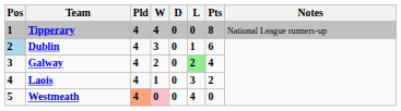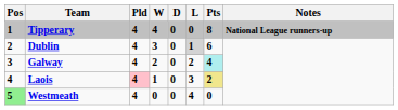 <table class="wikitable" style="text-align: centre;">
 <tr>
 <th width=20>Pos</th>
 <th width=150>Team</th>
 <th width=20>Pld</th>
 <th width=20>W</th>
 <th width=20>D</th>
 <th width=20>L</th>
 <th width=20>Pts</th>
 <th width=250>Notes</th>
 </tr>
 <tr style="background:silver;">
 <td><strong>1</strong></td>
 <td align=left><strong> <a href='#'>Tipperary</a> </strong></td>
 <td><strong>4</strong></td>
 <td><strong>4</strong></td>
 <td><strong>0</strong></td>
 <td><strong>0</strong></td>
 <td><strong>8</strong></td>
-<td><small> National League runners-up</small></td>
+<td><strong><small> National League runners-up</small></strong></td>
 </tr>
 <tr>
-<td style="background: lightblue;"><strong>2</strong></td>
+<td><strong>2</strong></td>
 <td align=left><strong> <a href='#'>Dublin</a> </strong></td>
 <td><strong>4</strong></td>
 <td><strong>3</strong></td>
 <td><strong>0</strong></td>
-<td><strong>1</strong></td>
+<td style="background: lightgrey;"><strong>1</strong></td>
 <td><strong>6</strong></td>
 </tr>
 <tr>
 <td><strong>3</strong></td>
 <td align=left><strong> <a href='#'>Galway</a> </strong></td>
 <td><strong>4</strong></td>
 <td><strong>2</strong></td>
 <td><strong>0</strong></td>
-<td style="background: lightgreen;"><strong>2</strong></td>
-<td><strong>4</strong></td>
+<td><strong>2</strong></td>
+<td style="background: paleturquoise;"><strong>4</strong></td>
 </tr>
 <tr>
 <td><strong>4</strong></td>
 <td align=left><strong> <a href='#'>Laois</a> </strong></td>
-<td><strong>4</strong></td>
+<td style="background: pink;"><strong>4</strong></td>
 <td><strong>1</strong></td>
 <td><strong>0</strong></td>
 <td><strong>3</strong></td>
-<td><strong>2</strong></td>
+<td style="background: khaki;"><strong>2</strong></td>
 </tr>
 <tr>
-<td><strong>5</strong></td>
+<td style="background: lightgreen;"><strong>5</strong></td>
 <td align=left><strong> <a href='#'>Westmeath</a> </strong></td>
-<td style="background: lightsalmon;"><strong>4</strong></td>
-<td style="background: pink;"><strong>0</strong></td>
+<td><strong>4</strong></td>
+<td><strong>0</strong></td>
 <td><strong>0</strong></td>
 <td><strong>4</strong></td>
 <td><strong>0</strong></td>
 </tr>
 </table>
